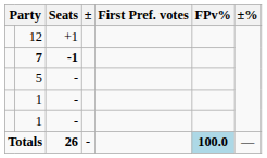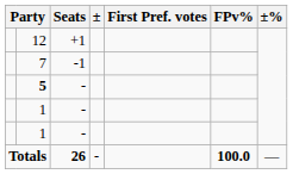 <table class=wikitable>
 <tr>
 <th colspan=2 align=center>Party</th>
 <th valign=top>Seats</th>
 <th valign=top>±</th>
 <th valign=top>First Pref. votes</th>
 <th valign=top>FPv%</th>
 <th valign=top>±%</th>
 </tr>
 <tr>
 <td></td>
 <td align=right>12</td>
 <td align=right>+1</td>
 <td align=right></td>
 <td align=right></td>
 <td align=right></td>
 </tr>
 <tr>
 <td></td>
-<td align=right><strong>7</strong></td>
-<td align=right><strong>-1</strong></td>
+<td align=right>7</td>
+<td align=right>-1</td>
 <td align=right></td>
 <td align=right></td>
 <td align=right></td>
 </tr>
 <tr>
 <td></td>
-<td align=right>5</td>
+<td align=right><strong>5</strong></td>
 <td align=right>-</td>
 <td align=right></td>
 <td align=right></td>
 <td align=right></td>
 </tr>
 <tr>
 <td></td>
 <td align=right>1</td>
 <td align=right>-</td>
 <td align=right></td>
 <td align=right></td>
 <td align=right></td>
 </tr>
 <tr>
 <td></td>
 <td align=right>1</td>
 <td align=right>-</td>
 <td align=right></td>
 <td align=right></td>
 <td align=right></td>
 </tr>
 <tr>
 <td colspan=2 align=center><strong>Totals</strong></td>
 <td align=right><strong>26</strong></td>
 <td align=center>-</td>
 <td align=right></td>
-<td align=center style="background: lightblue;"><strong>100.0</strong></td>
+<td align=center><strong>100.0</strong></td>
 <td align=center>—</td>
 </tr>
 </table>
